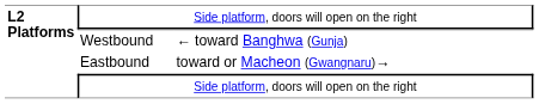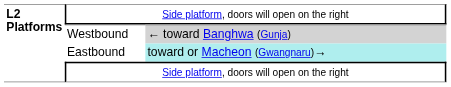 <table table border=0 cellspacing=0 cellpadding=3>
 <tr>
 <td style="border-top:solid 1px gray;border-bottom:solid 1px gray;" width=50 rowspan=10 valign=top><strong>L2<br>Platforms</strong></td>
 <td style="border-top:solid 1px gray;border-right:solid 2px black;border-left:solid 2px black;border-bottom:solid 2px black;text-align:center;" colspan=2><small><a href='#'>Side platform</a>, doors will open on the right</small></td>
 </tr>
 <tr>
 <td style="border-bottom:solid 0px gray;border-top:solid 1px gray;" width=100>Westbound</td>
-<td style="border-bottom:solid 0px gray;border-top:solid 1px gray;" width=390>←  toward <a href='#'>Banghwa</a> <small>(<a href='#'>Gunja</a>)</small></td>
+<td style="background: lightgrey; border-bottom:solid 0px gray;border-top:solid 1px gray;" width=390>←  toward <a href='#'>Banghwa</a> <small>(<a href='#'>Gunja</a>)</small></td>
 </tr>
 <tr>
 <td>Eastbound</td>
-<td>  toward  or <a href='#'>Macheon</a> <small>(<a href='#'>Gwangnaru</a>)</small>→</td>
+<td style="background: paleturquoise;">  toward  or <a href='#'>Macheon</a> <small>(<a href='#'>Gwangnaru</a>)</small>→</td>
 </tr>
 <tr>
 <td style="border-top:solid 2px black;border-right:solid 2px black;border-left:solid 2px black;border-bottom:solid 1px gray;text-align:center;" colspan=2><small><a href='#'>Side platform</a>, doors will open on the right</small></td>
 </tr>
 </table>
